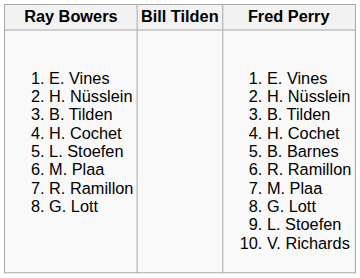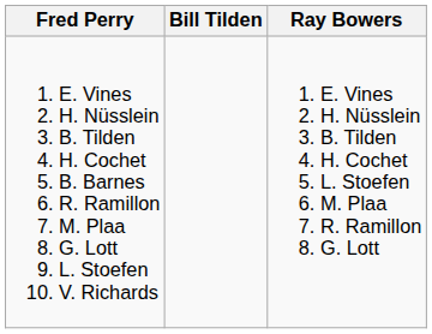 <table class="wikitable">
 <tr>
+<th>Fred Perry</th>
+<th>Bill Tilden</th>
 <th>Ray Bowers</th>
-<th>Bill Tilden</th>
-<th>Fred Perry</th>
 </tr>
 <tr style="vertical-align: top;">
+<td style="white-space: nowrap;"><br><ol><li> E. Vines</li><li> H. Nüsslein</li><li> B. Tilden</li><li> H. Cochet</li><li> B. Barnes</li><li> R. Ramillon</li><li> M. Plaa</li><li> G. Lott</li><li> L. Stoefen</li><li> V. Richards</li></ol></td>
+<td style="white-space: nowrap;"><br></td>
 <td style="white-space: nowrap;"><br><ol><li> E. Vines</li><li> H. Nüsslein</li><li> B. Tilden</li><li> H. Cochet</li><li> L. Stoefen</li><li> M. Plaa</li><li> R. Ramillon</li><li> G. Lott</li></ol></td>
-<td style="white-space: nowrap;"><br></td>
-<td style="white-space: nowrap;"><br><ol><li> E. Vines</li><li> H. Nüsslein</li><li> B. Tilden</li><li> H. Cochet</li><li> B. Barnes</li><li> R. Ramillon</li><li> M. Plaa</li><li> G. Lott</li><li> L. Stoefen</li><li> V. Richards</li></ol></td>
 </tr>
 </table>
